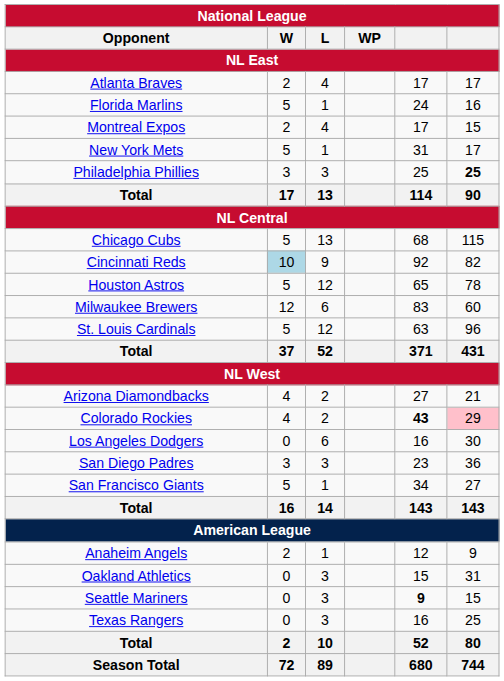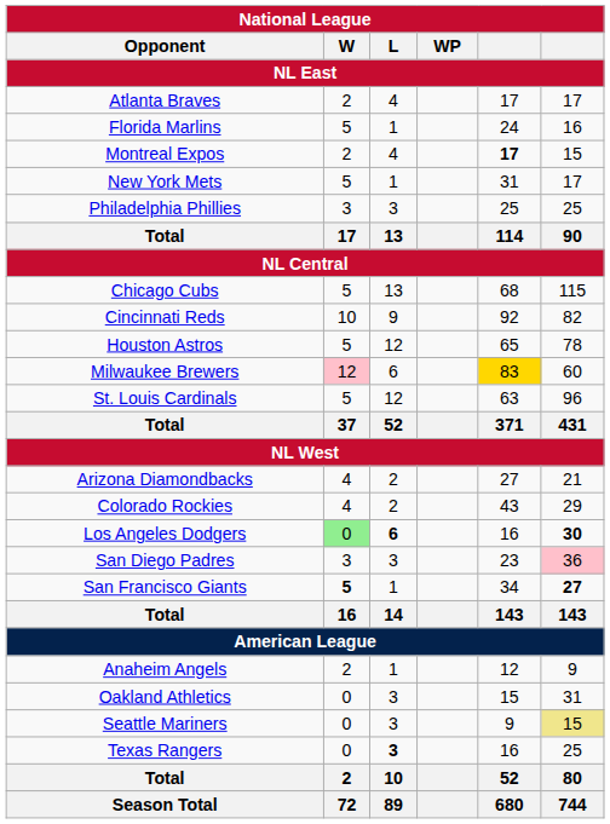 <table class="wikitable" style="font-size:95%; text-align:center; width:35em;margin: 0.5em auto;">
 <tr>
 <td colspan="7" style="background:#c60c30;color:#fff"><strong>National League</strong></td>
 </tr>
 <tr>
 <th>Opponent</th>
 <th>W</th>
 <th>L</th>
 <th>WP</th>
 <th></th>
 <th></th>
 </tr>
 <tr>
 <td colspan="7" style="background:#c60c30;color:#fff"><strong>NL East</strong></td>
 </tr>
 <tr>
 <td><a href='#'>Atlanta Braves</a></td>
 <td>2</td>
 <td>4</td>
 <td></td>
 <td>17</td>
 <td>17</td>
 </tr>
 <tr>
 <td><a href='#'>Florida Marlins</a></td>
 <td>5</td>
 <td>1</td>
 <td></td>
 <td>24</td>
 <td>16</td>
 </tr>
 <tr>
 <td><a href='#'>Montreal Expos</a></td>
 <td>2</td>
 <td>4</td>
 <td></td>
-<td>17</td>
+<td><strong>17</strong></td>
 <td>15</td>
 </tr>
 <tr>
 <td><a href='#'>New York Mets</a></td>
 <td>5</td>
 <td>1</td>
 <td></td>
 <td>31</td>
 <td>17</td>
 </tr>
 <tr>
 <td><a href='#'>Philadelphia Phillies</a></td>
 <td>3</td>
 <td>3</td>
 <td></td>
 <td>25</td>
-<td><strong>25</strong></td>
+<td>25</td>
 </tr>
 <tr>
 <th>Total</th>
 <th>17</th>
 <th>13</th>
 <th></th>
 <th>114</th>
 <th>90</th>
 </tr>
 <tr>
 <td colspan="7" style="background:#c60c30;color:#fff"><strong>NL Central</strong></td>
 </tr>
 <tr>
 <td><a href='#'>Chicago Cubs</a></td>
 <td>5</td>
 <td>13</td>
 <td></td>
 <td>68</td>
 <td>115</td>
 </tr>
 <tr>
 <td><a href='#'>Cincinnati Reds</a></td>
-<td style="background: lightblue;">10</td>
+<td>10</td>
 <td>9</td>
 <td></td>
 <td>92</td>
 <td>82</td>
 </tr>
 <tr>
 <td><a href='#'>Houston Astros</a></td>
 <td>5</td>
 <td>12</td>
 <td></td>
 <td>65</td>
 <td>78</td>
 </tr>
 <tr>
 <td><a href='#'>Milwaukee Brewers</a></td>
-<td>12</td>
+<td style="background: pink;">12</td>
 <td>6</td>
 <td></td>
-<td>83</td>
+<td style="background: gold;">83</td>
 <td>60</td>
 </tr>
 <tr>
 <td><a href='#'>St. Louis Cardinals</a></td>
 <td>5</td>
 <td>12</td>
 <td></td>
 <td>63</td>
 <td>96</td>
 </tr>
 <tr>
 <th>Total</th>
 <th>37</th>
 <th>52</th>
 <th></th>
 <th>371</th>
 <th>431</th>
 </tr>
 <tr>
 <td colspan="7" style="background:#c60c30;color:#fff"><strong>NL West</strong></td>
 </tr>
 <tr>
 <td><a href='#'>Arizona Diamondbacks</a></td>
 <td>4</td>
 <td>2</td>
 <td></td>
 <td>27</td>
 <td>21</td>
 </tr>
 <tr>
 <td><a href='#'>Colorado Rockies</a></td>
 <td>4</td>
 <td>2</td>
 <td></td>
-<td><strong>43</strong></td>
-<td style="background: pink;">29</td>
+<td>43</td>
+<td>29</td>
 </tr>
 <tr>
 <td><a href='#'>Los Angeles Dodgers</a></td>
-<td>0</td>
-<td>6</td>
+<td style="background: lightgreen;">0</td>
+<td><strong>6</strong></td>
 <td></td>
 <td>16</td>
-<td>30</td>
+<td><strong>30</strong></td>
 </tr>
 <tr>
 <td><a href='#'>San Diego Padres</a></td>
 <td>3</td>
 <td>3</td>
 <td></td>
 <td>23</td>
-<td>36</td>
+<td style="background: pink;">36</td>
 </tr>
 <tr>
 <td><a href='#'>San Francisco Giants</a></td>
-<td>5</td>
+<td><strong>5</strong></td>
 <td>1</td>
 <td></td>
 <td>34</td>
-<td>27</td>
+<td><strong>27</strong></td>
 </tr>
 <tr>
 <th>Total</th>
 <th>16</th>
 <th>14</th>
 <th></th>
 <th>143</th>
 <th>143</th>
 </tr>
 <tr>
 <td colspan="7" style="background:#03224c;color:#fff"><strong>American League</strong></td>
 </tr>
 <tr>
 <td><a href='#'>Anaheim Angels</a></td>
 <td>2</td>
 <td>1</td>
 <td></td>
 <td>12</td>
 <td>9</td>
 </tr>
 <tr>
 <td><a href='#'>Oakland Athletics</a></td>
 <td>0</td>
 <td>3</td>
 <td></td>
 <td>15</td>
 <td>31</td>
 </tr>
 <tr>
 <td><a href='#'>Seattle Mariners</a></td>
 <td>0</td>
 <td>3</td>
 <td></td>
-<td><strong>9</strong></td>
-<td>15</td>
+<td>9</td>
+<td style="background: khaki;">15</td>
 </tr>
 <tr>
 <td><a href='#'>Texas Rangers</a></td>
 <td>0</td>
-<td>3</td>
+<td><strong>3</strong></td>
 <td></td>
 <td>16</td>
 <td>25</td>
 </tr>
 <tr>
 <th>Total</th>
 <th>2</th>
 <th>10</th>
 <th></th>
 <th>52</th>
 <th>80</th>
 </tr>
 <tr>
 <th>Season Total</th>
 <th>72</th>
 <th>89</th>
 <th></th>
 <th>680</th>
 <th>744</th>
 </tr>
 </table>
